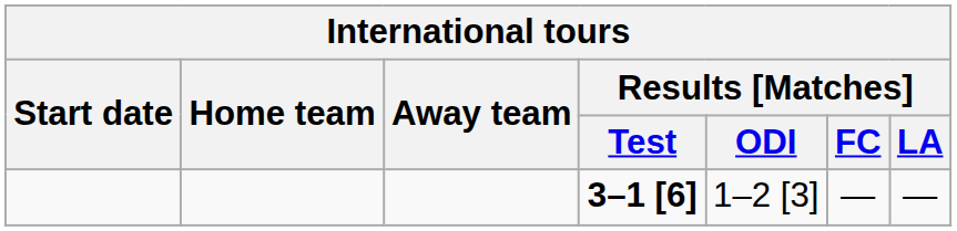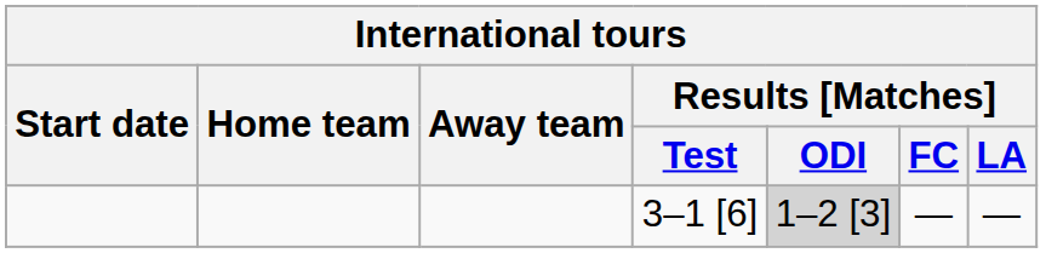 <table class="wikitable">
 <tr>
 <th colspan="7">International tours</th>
 </tr>
 <tr>
 <th rowspan="2">Start date</th>
 <th rowspan="2">Home team</th>
 <th rowspan="2">Away team</th>
 <th colspan="4">Results [Matches]</th>
 </tr>
 <tr>
 <th><a href='#'>Test</a></th>
 <th><a href='#'>ODI</a></th>
 <th><a href='#'>FC</a></th>
 <th><a href='#'>LA</a></th>
 </tr>
 <tr>
 <td><a href='#'></a></td>
 <td></td>
 <td></td>
-<td><strong>3–1 [6]</strong></td>
-<td>1–2 [3]</td>
+<td>3–1 [6]</td>
+<td style="background: lightgrey;">1–2 [3]</td>
 <td ; style="text-align:center">—</td>
 <td ; style="text-align:center">—</td>
 </tr>
 </table>
